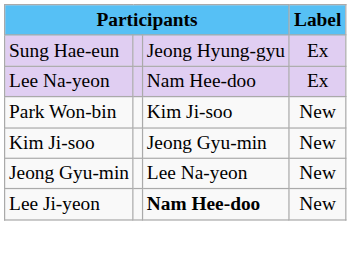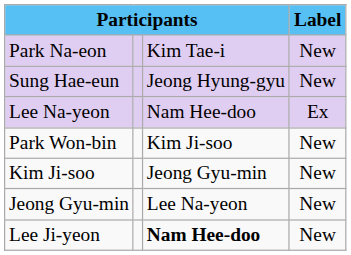 <table class="wikitable sortable" style="line-color:none">
 <tr style="background:#56c0f5; font-weight:bold; text-align:center">
 <td colspan="3">Participants</td>
 <td>Label</td>
 </tr>
 <tr style="background:#E0CEF2;">
+<td>Park Na-eon</td>
+<td></td>
+<td>Kim Tae-i</td>
+<td style="text-align:center">New</td>
+</tr>
+<tr style="background:#E0CEF2;">
 <td>Sung Hae-eun</td>
 <td></td>
 <td>Jeong Hyung-gyu</td>
-<td style="text-align:center">Ex</td>
+<td style="text-align:center">New</td>
 </tr>
 <tr style="background:#E0CEF2;">
 <td>Lee Na-yeon</td>
 <td></td>
 <td>Nam Hee-doo</td>
 <td style="text-align:center">Ex</td>
 </tr>
 <tr>
 <td>Park Won-bin</td>
 <td></td>
 <td>Kim Ji-soo</td>
 <td style="text-align:center">New</td>
 </tr>
 <tr>
 <td>Kim Ji-soo</td>
 <td></td>
 <td>Jeong Gyu-min</td>
 <td style="text-align:center">New</td>
 </tr>
 <tr>
 <td>Jeong Gyu-min</td>
 <td></td>
 <td>Lee Na-yeon</td>
 <td style="text-align:center">New</td>
 </tr>
 <tr>
 <td>Lee Ji-yeon</td>
 <td></td>
 <td><strong>Nam Hee-doo</strong></td>
 <td style="text-align:center">New</td>
 </tr>
 </table>
